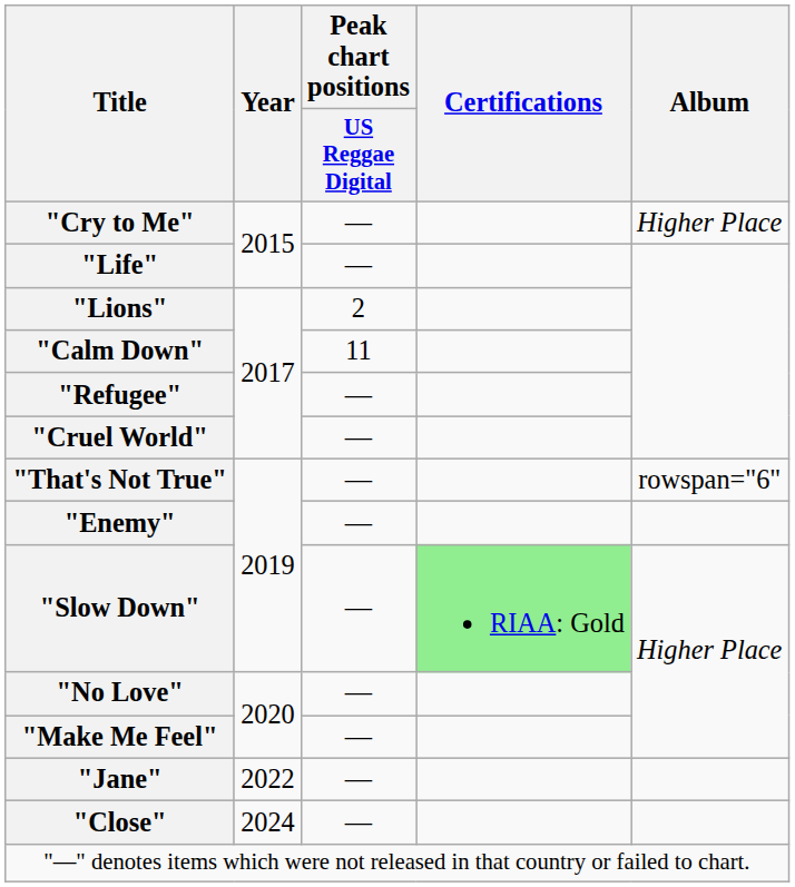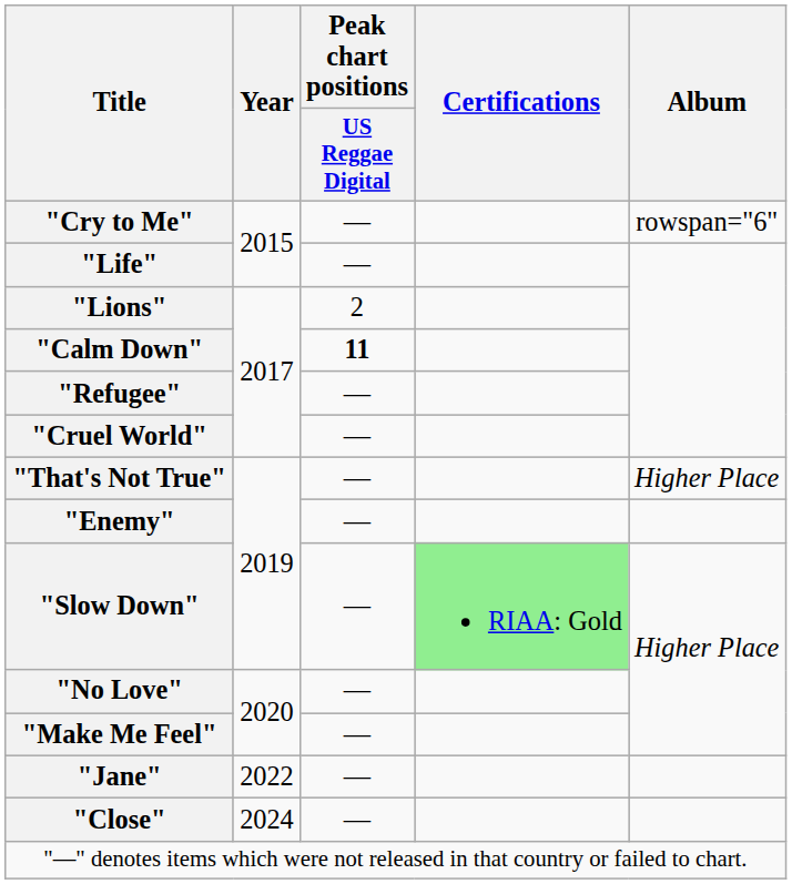 <table class="wikitable plainrowheaders" style="text-align:center;">
 <tr>
 <th scope="col" rowspan="2" style="width:8em;">Title</th>
 <th scope="col" rowspan="2">Year</th>
 <th scope="col">Peak chart positions</th>
 <th scope="col" rowspan="2"><a href='#'>Certifications</a></th>
 <th scope="col" rowspan="2">Album</th>
 </tr>
 <tr>
 <th scope="col" style="width:2.5em; font-size:85%;"><a href='#'>US Reggae Digital</a><br></th>
 </tr>
 <tr>
 <th scope="row">"Cry to Me"</th>
 <td rowspan="2">2015</td>
 <td>—</td>
 <td></td>
-<td><em>Higher Place</em></td>
+<td>rowspan="6" </td>
 </tr>
 <tr>
 <th scope="row">"Life"</th>
 <td>—</td>
 <td></td>
 </tr>
 <tr>
 <th scope="row">"Lions"</th>
 <td rowspan="4">2017</td>
 <td>2</td>
 <td></td>
 </tr>
 <tr>
 <th scope="row">"Calm Down"</th>
-<td>11</td>
+<td><strong>11</strong></td>
 <td></td>
 </tr>
 <tr>
 <th scope="row">"Refugee"</th>
 <td>—</td>
 <td></td>
 </tr>
 <tr>
 <th scope="row">"Cruel World"<br></th>
 <td>—</td>
 <td></td>
 </tr>
 <tr>
 <th scope="row">"That's Not True"<br></th>
 <td rowspan="3">2019</td>
 <td>—</td>
 <td></td>
-<td>rowspan="6" </td>
+<td><em>Higher Place</em></td>
 </tr>
 <tr>
 <th scope="row">"Enemy"</th>
 <td>—</td>
 <td></td>
 <td></td>
 </tr>
 <tr>
 <th scope="row">"Slow Down"<br></th>
 <td>—</td>
 <td style="background: lightgreen;"><br><ul><li><a href='#'>RIAA</a>: Gold</li></ul></td>
 <td rowspan="3"><em>Higher Place</em></td>
 </tr>
 <tr>
 <th scope="row">"No Love"</th>
 <td rowspan="2">2020</td>
 <td>—</td>
 <td></td>
 </tr>
 <tr>
 <th scope="row">"Make Me Feel"</th>
 <td>—</td>
 <td></td>
 </tr>
 <tr>
 <th scope="row">"Jane"<br></th>
 <td>2022</td>
 <td>—</td>
 <td></td>
 <td></td>
 </tr>
 <tr>
 <th scope="row">"Close"</th>
 <td>2024</td>
 <td>—</td>
 <td></td>
 <td></td>
 </tr>
 <tr>
 <td colspan="15" style="font-size:85%;">"—" denotes items which were not released in that country or failed to chart.</td>
 </tr>
 </table>
